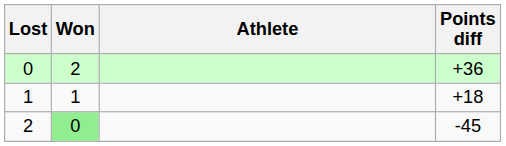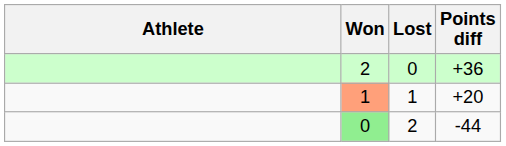 <table class="wikitable">
 <tr>
+<th style="width:18em">Athlete</th>
+<th>Won</th>
 <th>Lost</th>
-<th>Won</th>
-<th style="width:18em">Athlete</th>
 <th>Points<br>diff</th>
 </tr>
 <tr bgcolor="#ccffcc">
+<td></td>
+<td align="center">2</td>
 <td align="center">0</td>
-<td align="center">2</td>
-<td></td>
 <td align="center">+36</td>
 </tr>
 <tr>
+<td></td>
+<td align="center" style="background: lightsalmon;">1</td>
 <td align="center">1</td>
-<td align="center">1</td>
-<td></td>
-<td align="center">+18</td>
+<td align="center">+20</td>
 </tr>
 <tr>
+<td></td>
+<td align="center" style="background: lightgreen;">0</td>
 <td align="center">2</td>
-<td align="center" style="background: lightgreen;">0</td>
-<td></td>
-<td align="center">-45</td>
+<td align="center">-44</td>
 </tr>
 </table>
